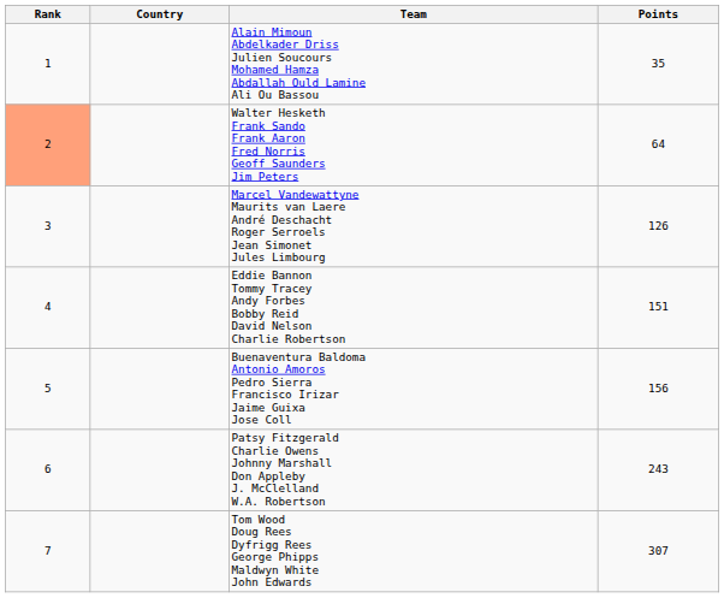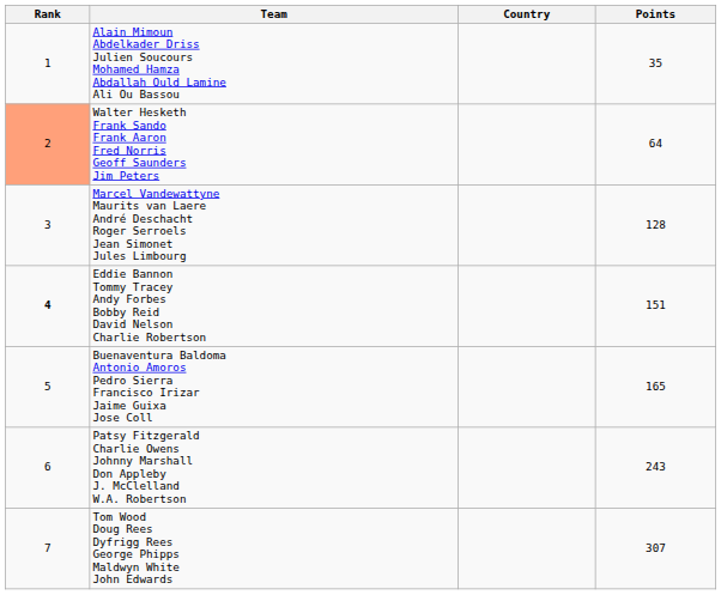 <table class="wikitable sortable" style=" text-align:center; font-size:95%;" width="50%">
 <tr>
 <th>Rank</th>
+<th>Team</th>
 <th>Country</th>
-<th>Team</th>
 <th>Points</th>
 </tr>
 <tr>
 <td align=center>1</td>
+<td align=left><a href='#'>Alain Mimoun</a><br><a href='#'>Abdelkader Driss</a><br>Julien Soucours<br><a href='#'>Mohamed Hamza</a><br><a href='#'>Abdallah Ould Lamine</a><br>Ali Ou Bassou</td>
 <td align=left></td>
-<td align=left><a href='#'>Alain Mimoun</a><br><a href='#'>Abdelkader Driss</a><br>Julien Soucours<br><a href='#'>Mohamed Hamza</a><br><a href='#'>Abdallah Ould Lamine</a><br>Ali Ou Bassou</td>
 <td>35</td>
 </tr>
 <tr>
 <td align=center style="background: lightsalmon;">2</td>
+<td align=left>Walter Hesketh<br><a href='#'>Frank Sando</a><br><a href='#'>Frank Aaron</a><br><a href='#'>Fred Norris</a><br><a href='#'>Geoff Saunders</a><br><a href='#'>Jim Peters</a></td>
 <td align=left></td>
-<td align=left>Walter Hesketh<br><a href='#'>Frank Sando</a><br><a href='#'>Frank Aaron</a><br><a href='#'>Fred Norris</a><br><a href='#'>Geoff Saunders</a><br><a href='#'>Jim Peters</a></td>
 <td>64</td>
 </tr>
 <tr>
 <td align=center>3</td>
+<td align=left><a href='#'>Marcel Vandewattyne</a><br>Maurits van Laere<br>André Deschacht<br>Roger Serroels<br>Jean Simonet<br>Jules Limbourg</td>
 <td align=left></td>
-<td align=left><a href='#'>Marcel Vandewattyne</a><br>Maurits van Laere<br>André Deschacht<br>Roger Serroels<br>Jean Simonet<br>Jules Limbourg</td>
-<td>126</td>
+<td>128</td>
 </tr>
 <tr>
-<td align=center>4</td>
+<td align=center><strong>4</strong></td>
+<td align=left>Eddie Bannon<br>Tommy Tracey<br>Andy Forbes<br>Bobby Reid<br>David Nelson<br>Charlie Robertson</td>
 <td align=left></td>
-<td align=left>Eddie Bannon<br>Tommy Tracey<br>Andy Forbes<br>Bobby Reid<br>David Nelson<br>Charlie Robertson</td>
 <td>151</td>
 </tr>
 <tr>
 <td align=center>5</td>
+<td align=left>Buenaventura Baldoma<br><a href='#'>Antonio Amoros</a><br>Pedro Sierra<br>Francisco Irizar<br>Jaime Guixa<br>Jose Coll</td>
 <td align=left></td>
-<td align=left>Buenaventura Baldoma<br><a href='#'>Antonio Amoros</a><br>Pedro Sierra<br>Francisco Irizar<br>Jaime Guixa<br>Jose Coll</td>
-<td>156</td>
+<td>165</td>
 </tr>
 <tr>
 <td align=center>6</td>
+<td align=left>Patsy Fitzgerald<br>Charlie Owens<br>Johnny Marshall<br>Don Appleby<br>J. McClelland<br>W.A. Robertson</td>
 <td align=left></td>
-<td align=left>Patsy Fitzgerald<br>Charlie Owens<br>Johnny Marshall<br>Don Appleby<br>J. McClelland<br>W.A. Robertson</td>
 <td>243</td>
 </tr>
 <tr>
 <td align=center>7</td>
+<td align=left>Tom Wood<br>Doug Rees<br>Dyfrigg Rees<br>George Phipps<br>Maldwyn White<br>John Edwards</td>
 <td align=left></td>
-<td align=left>Tom Wood<br>Doug Rees<br>Dyfrigg Rees<br>George Phipps<br>Maldwyn White<br>John Edwards</td>
 <td>307</td>
 </tr>
 </table>
